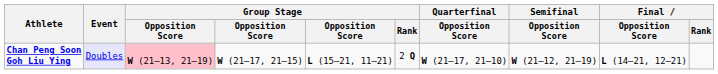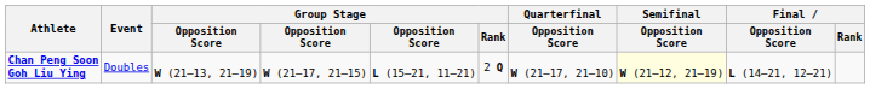 <table class="wikitable" style="font-size:90%">
 <tr>
 <th rowspan=2>Athlete</th>
 <th rowspan=2>Event</th>
 <th colspan=4>Group Stage</th>
 <th>Quarterfinal</th>
 <th>Semifinal</th>
 <th colspan=2>Final / </th>
 </tr>
 <tr style="font-size:95%">
 <th>Opposition<br>Score</th>
 <th>Opposition<br>Score</th>
 <th>Opposition<br>Score</th>
 <th>Rank</th>
 <th>Opposition<br>Score</th>
 <th>Opposition<br>Score</th>
 <th>Opposition<br>Score</th>
 <th>Rank</th>
 </tr>
 <tr align=center>
 <td align=left><strong><a href='#'>Chan Peng Soon</a><br><a href='#'>Goh Liu Ying</a></strong></td>
-<td align=left style="background: lavender;"><a href='#'>Doubles</a></td>
-<td style="background: pink;"><br><strong>W</strong> (21–13, 21–19)</td>
+<td align=left><a href='#'>Doubles</a></td>
+<td><br><strong>W</strong> (21–13, 21–19)</td>
 <td><br><strong>W</strong> (21–17, 21–15)</td>
 <td><br><strong>L</strong> (15–21, 11–21)</td>
 <td>2 <strong>Q</strong></td>
 <td><br><strong>W</strong> (21–17, 21–10)</td>
-<td><br><strong>W</strong> (21–12, 21–19)</td>
+<td style="background: lightyellow;"><br><strong>W</strong> (21–12, 21–19)</td>
 <td> <br><strong>L</strong> (14–21, 12–21)</td>
 <td></td>
 </tr>
 </table>
